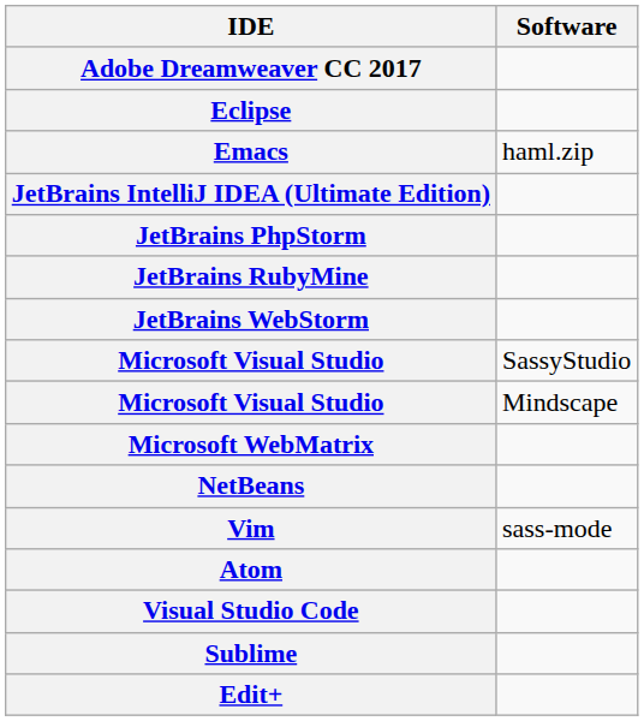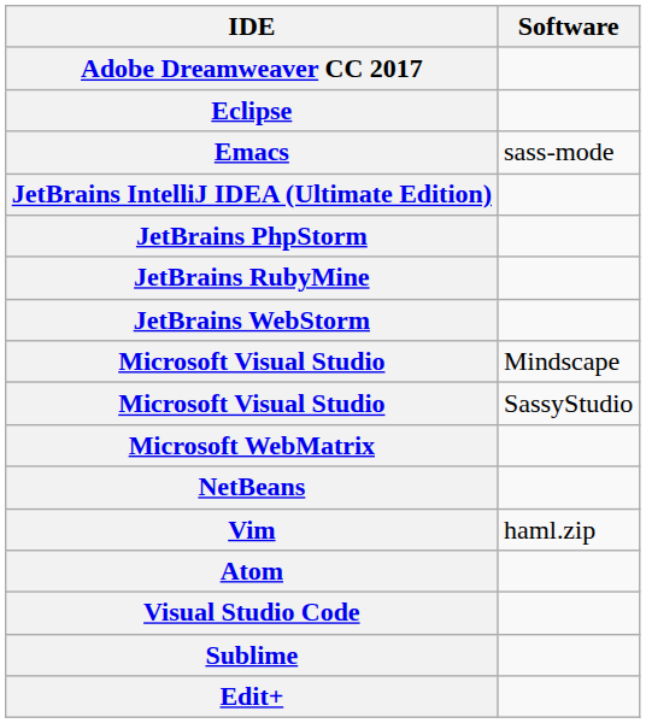 <table class="wikitable">
 <tr>
 <th scope="col">IDE</th>
 <th scope="col">Software</th>
 </tr>
 <tr>
 <th scope="row"><a href='#'>Adobe Dreamweaver</a> CC 2017</th>
 <td></td>
 </tr>
 <tr>
 <th scope="row"><a href='#'>Eclipse</a></th>
 <td></td>
 </tr>
 <tr>
 <th scope="row"><a href='#'>Emacs</a></th>
-<td>haml.zip</td>
+<td>sass-mode</td>
 </tr>
 <tr>
 <th scope="row"><a href='#'>JetBrains IntelliJ IDEA (Ultimate Edition)</a></th>
 <td></td>
 </tr>
 <tr>
 <th scope="row"><a href='#'>JetBrains PhpStorm</a></th>
 <td></td>
 </tr>
 <tr>
 <th scope="row"><a href='#'>JetBrains RubyMine</a></th>
 <td></td>
 </tr>
 <tr>
 <th scope="row"><a href='#'>JetBrains WebStorm</a></th>
 <td></td>
 </tr>
 <tr>
 <th scope="row"><a href='#'>Microsoft Visual Studio</a></th>
-<td>SassyStudio</td>
+<td>Mindscape</td>
 </tr>
 <tr>
 <th scope="row"><a href='#'>Microsoft Visual Studio</a></th>
-<td>Mindscape</td>
+<td>SassyStudio</td>
 </tr>
 <tr>
 <th scope="row"><a href='#'>Microsoft WebMatrix</a></th>
 <td></td>
 </tr>
 <tr>
 <th scope="row"><a href='#'>NetBeans</a></th>
 <td></td>
 </tr>
 <tr>
 <th scope="row"><a href='#'>Vim</a></th>
-<td>sass-mode</td>
+<td>haml.zip</td>
 </tr>
 <tr>
 <th scope="row"><a href='#'>Atom</a></th>
 <td></td>
 </tr>
 <tr>
 <th scope="row"><a href='#'>Visual Studio Code</a></th>
 <td></td>
 </tr>
 <tr>
 <th scope="row"><a href='#'>Sublime</a></th>
 <td></td>
 </tr>
 <tr>
 <th scope="row"><a href='#'>Edit+</a></th>
 <td></td>
 </tr>
 </table>
